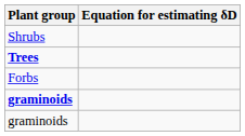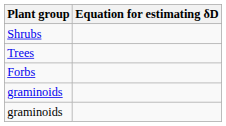 <table class="wikitable">
 <tr>
 <th>Plant group</th>
 <th>Equation for estimating δD</th>
 </tr>
 <tr>
 <td><a href='#'>Shrubs</a></td>
 <td></td>
 </tr>
 <tr>
-<td><strong><a href='#'>Trees</a></strong></td>
+<td><a href='#'>Trees</a></td>
 <td></td>
 </tr>
 <tr>
 <td><a href='#'>Forbs</a></td>
 <td></td>
 </tr>
 <tr>
-<td><strong> <a href='#'>graminoids</a></strong></td>
+<td> <a href='#'>graminoids</a></td>
 <td></td>
 </tr>
 <tr>
 <td> graminoids</td>
 <td></td>
 </tr>
 </table>
